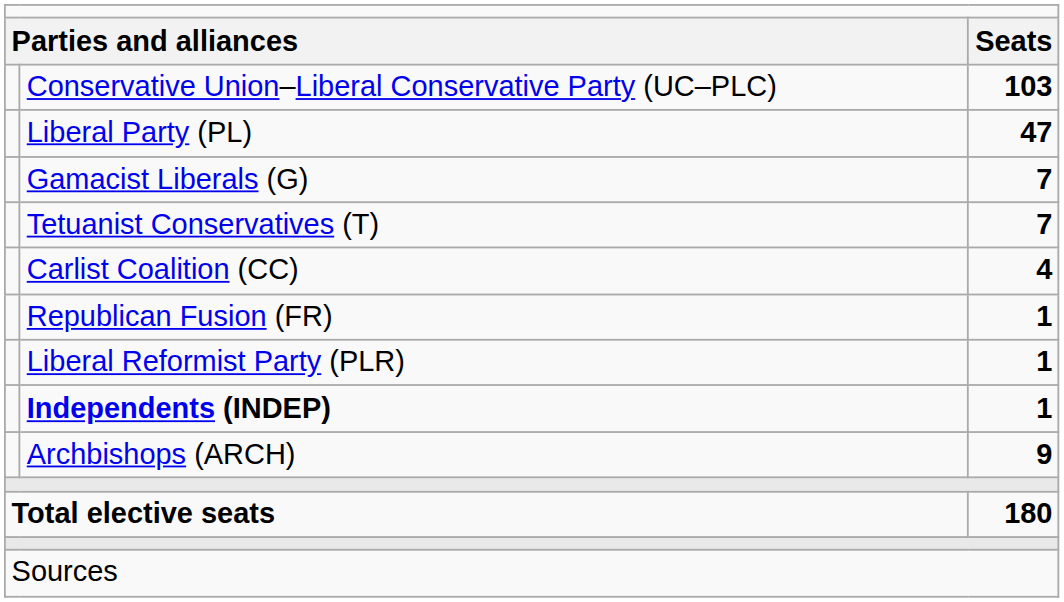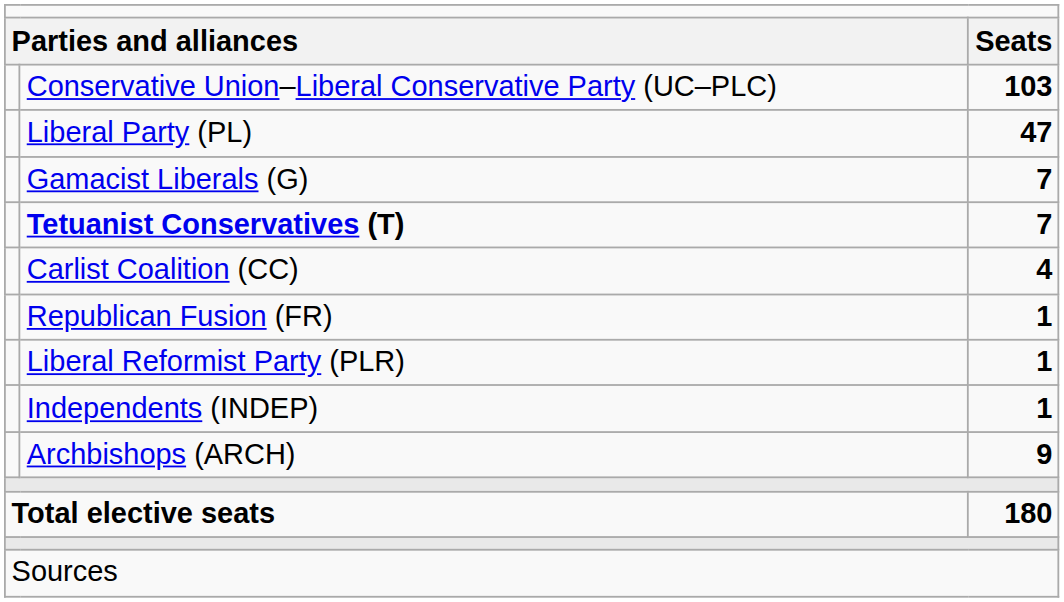 <table class="wikitable" style="text-align:right;">
 <tr>
 <td colspan="3"></td>
 </tr>
 <tr>
 <th style="text-align:left;" colspan="2" width="525">Parties and alliances</th>
 <th width="35">Seats</th>
 </tr>
 <tr>
 <td width="1" style="color:inherit;background:"></td>
 <td align="left"><a href='#'>Conservative Union</a>–<a href='#'>Liberal Conservative Party</a> (UC–PLC)</td>
 <td><strong>103</strong></td>
 </tr>
 <tr>
 <td style="color:inherit;background:"></td>
 <td align="left"><a href='#'>Liberal Party</a> (PL)</td>
 <td><strong>47</strong></td>
 </tr>
 <tr>
 <td style="color:inherit;background:"></td>
 <td align="left"><a href='#'>Gamacist Liberals</a> (G)</td>
 <td><strong>7</strong></td>
 </tr>
 <tr>
 <td style="color:inherit;background:"></td>
-<td align="left"><a href='#'>Tetuanist Conservatives</a> (T)</td>
+<td align="left"><strong><a href='#'>Tetuanist Conservatives</a> (T)</strong></td>
 <td><strong>7</strong></td>
 </tr>
 <tr>
 <td style="color:inherit;background:"></td>
 <td align="left"><a href='#'>Carlist Coalition</a> (CC)</td>
 <td><strong>4</strong></td>
 </tr>
 <tr>
 <td style="color:inherit;background:"></td>
 <td align="left"><a href='#'>Republican Fusion</a> (FR)</td>
 <td><strong>1</strong></td>
 </tr>
 <tr>
 <td style="color:inherit;background:"></td>
 <td align="left"><a href='#'>Liberal Reformist Party</a> (PLR)</td>
 <td><strong>1</strong></td>
 </tr>
 <tr>
 <td style="color:inherit;background:"></td>
-<td align="left"><strong><a href='#'>Independents</a> (INDEP)</strong></td>
+<td align="left"><a href='#'>Independents</a> (INDEP)</td>
 <td><strong>1</strong></td>
 </tr>
 <tr>
 <td style="color:inherit;background:"></td>
 <td align="left"><a href='#'>Archbishops</a> (ARCH)</td>
 <td><strong>9</strong></td>
 </tr>
 <tr>
 <td colspan="3" bgcolor="#E9E9E9"></td>
 </tr>
 <tr style="font-weight:bold;">
 <td align="left" colspan="2">Total elective seats</td>
 <td>180</td>
 </tr>
 <tr>
 <td colspan="3" bgcolor="#E9E9E9"></td>
 </tr>
 <tr>
 <td align="left" colspan="3">Sources</td>
 </tr>
 </table>
